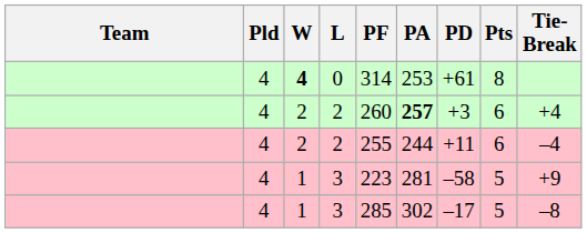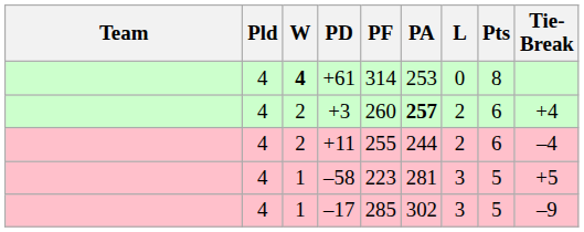 <table class="wikitable" style="text-align:center;">
 <tr>
 <th width=175>Team</th>
 <th width=20  abbr="Played">Pld</th>
 <th width=20  abbr="Won">W</th>
-<th width=20  abbr="Lost">L</th>
+<th width=25  abbr="Points Difference">PD</th>
 <th width=20  abbr="Points">PF</th>
 <th width=20  abbr="Points Against">PA</th>
-<th width=25  abbr="Points Difference">PD</th>
+<th width=20  abbr="Lost">L</th>
 <th width=20  abbr="Points">Pts</th>
 <th width=20  abbr="Points">Tie-Break</th>
 </tr>
 <tr bgcolor="ccffcc">
 <td style="text-align:left;"></td>
 <td>4</td>
 <td><strong>4</strong></td>
-<td>0</td>
+<td>+61</td>
 <td>314</td>
 <td>253</td>
-<td>+61</td>
+<td>0</td>
 <td>8</td>
 <td></td>
 </tr>
 <tr bgcolor="ccffcc">
 <td style="text-align:left;"></td>
 <td>4</td>
 <td>2</td>
-<td>2</td>
+<td>+3</td>
 <td>260</td>
 <td><strong>257</strong></td>
-<td>+3</td>
+<td>2</td>
 <td>6</td>
 <td>+4</td>
 </tr>
 <tr bgcolor="pink">
 <td style="text-align:left;"></td>
 <td>4</td>
 <td>2</td>
-<td>2</td>
+<td>+11</td>
 <td>255</td>
 <td>244</td>
-<td>+11</td>
+<td>2</td>
 <td>6</td>
 <td>–4</td>
 </tr>
 <tr bgcolor="pink">
 <td style="text-align:left;"></td>
 <td>4</td>
 <td>1</td>
-<td>3</td>
+<td>–58</td>
 <td>223</td>
 <td>281</td>
-<td>–58</td>
+<td>3</td>
 <td>5</td>
-<td>+9</td>
+<td>+5</td>
 </tr>
 <tr bgcolor="pink">
 <td style="text-align:left;"></td>
 <td>4</td>
 <td>1</td>
-<td>3</td>
+<td>–17</td>
 <td>285</td>
 <td>302</td>
-<td>–17</td>
+<td>3</td>
 <td>5</td>
-<td>–8</td>
+<td>–9</td>
 </tr>
 </table>
